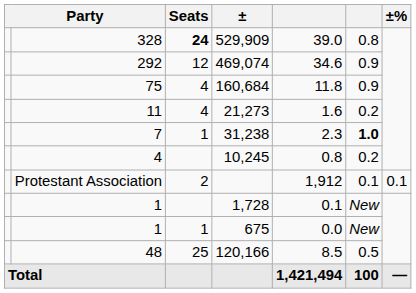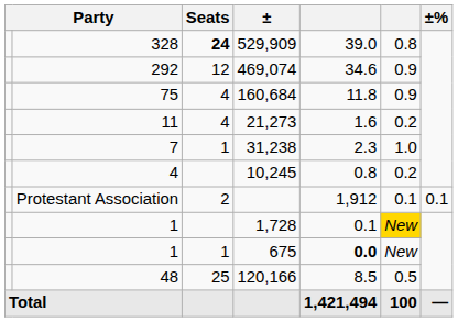 <table class="wikitable">
 <tr>
 <th colspan="2" align="center">Party</th>
 <th>Seats</th>
 <th align="center">±</th>
 <th></th>
 <th></th>
 <th align="center">±%</th>
 </tr>
 <tr>
 <td></td>
 <td align="right">328</td>
 <td align="right"><strong> 24</strong></td>
 <td align="right">529,909</td>
 <td align="right">39.0</td>
 <td align="right">0.8</td>
 </tr>
 <tr>
 <td></td>
 <td align="right">292</td>
 <td align="right"> 12</td>
 <td align="right">469,074</td>
 <td align="right">34.6</td>
 <td align="right">0.9</td>
 </tr>
 <tr>
 <td></td>
 <td align="right">75</td>
 <td align="right"> 4</td>
 <td align="right">160,684</td>
 <td align="right">11.8</td>
 <td align="right">0.9</td>
 </tr>
 <tr>
 <td></td>
 <td align="right">11</td>
 <td align="right"> 4</td>
 <td align="right">21,273</td>
 <td align="right">1.6</td>
 <td align="right">0.2</td>
 </tr>
 <tr>
 <td></td>
 <td align="right">7</td>
 <td align="right"> 1</td>
 <td align="right">31,238</td>
 <td align="right">2.3</td>
-<td align="right"><strong>1.0</strong></td>
+<td align="right">1.0</td>
 </tr>
 <tr>
 <td></td>
 <td align="right">4</td>
 <td align="right"></td>
 <td align="right">10,245</td>
 <td align="right">0.8</td>
 <td align="right">0.2</td>
 </tr>
 <tr>
 <td></td>
 <td>Protestant Association</td>
 <td align="right">2</td>
 <td align="right"></td>
 <td align="right">1,912</td>
 <td align="right">0.1</td>
 <td align="right">0.1</td>
 </tr>
 <tr>
 <td></td>
 <td align="right">1</td>
 <td align="right"></td>
 <td align="right">1,728</td>
 <td align="right">0.1</td>
-<td align="right"><em>New</em></td>
+<td align="right" style="background: gold;"><em>New</em></td>
 </tr>
 <tr>
 <td></td>
 <td align="right">1</td>
 <td align="right"> 1</td>
 <td align="right">675</td>
-<td align="right">0.0</td>
+<td align="right"><strong>0.0</strong></td>
 <td align="right"><em>New</em></td>
 </tr>
 <tr>
 <td></td>
 <td align="right">48</td>
 <td align="right"> 25</td>
 <td align="right">120,166</td>
 <td align="right">8.5</td>
 <td align="right">0.5</td>
 </tr>
 <tr style="font-weight:bold; background:rgb(232,232,232);">
 <td colspan="2">Total</td>
 <td align="right"></td>
 <td align="right"></td>
 <td align="right">1,421,494</td>
 <td align="right">100</td>
 <td align="right">—</td>
 </tr>
 </table>
